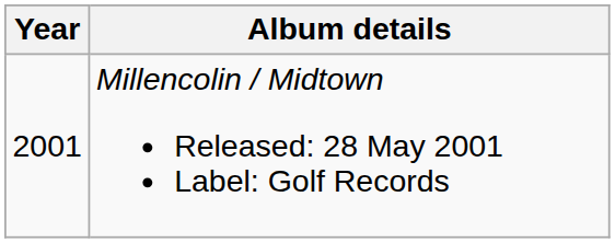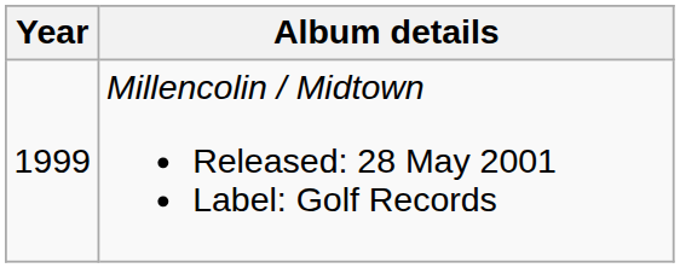 <table class="wikitable">
 <tr>
 <th>Year</th>
 <th style="width:260px;">Album details</th>
 </tr>
 <tr>
-<td>2001</td>
+<td>1999</td>
 <td><em>Millencolin / Midtown</em><br><ul><li>Released: 28 May 2001</li><li>Label: Golf Records</li></ul></td>
 </tr>
 </table>
